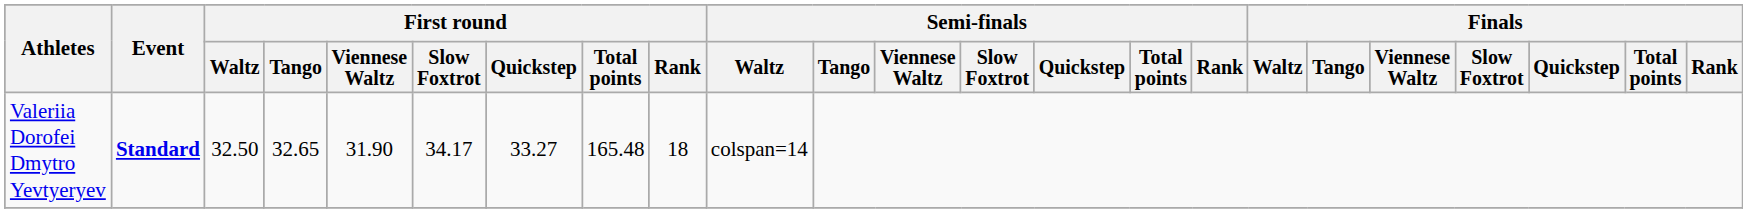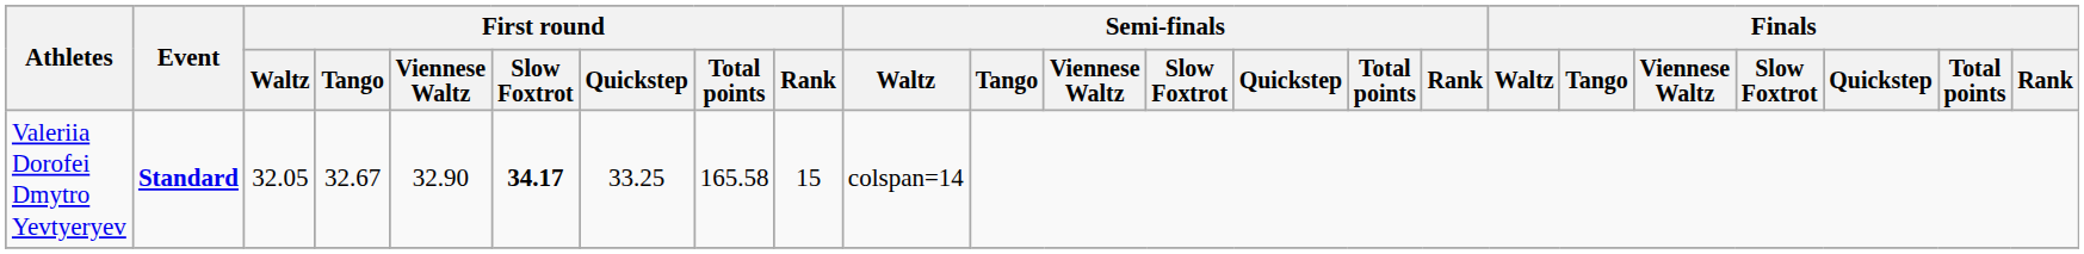 <table class=wikitable style="font-size:75%">
 <tr>
 <th rowspan="2">Athletes</th>
 <th rowspan="2">Event</th>
 <th colspan="7">First round</th>
 <th colspan="7">Semi-finals</th>
 <th colspan="7">Finals</th>
 </tr>
 <tr style="font-size:95%">
 <th>Waltz</th>
 <th>Tango</th>
 <th>Viennese Waltz</th>
 <th>Slow Foxtrot</th>
 <th>Quickstep</th>
 <th>Total points</th>
 <th>Rank</th>
 <th>Waltz</th>
 <th>Tango</th>
 <th>Viennese Waltz</th>
 <th>Slow Foxtrot</th>
 <th>Quickstep</th>
 <th>Total points</th>
 <th>Rank</th>
 <th>Waltz</th>
 <th>Tango</th>
 <th>Viennese Waltz</th>
 <th>Slow Foxtrot</th>
 <th>Quickstep</th>
 <th>Total points</th>
 <th>Rank</th>
 </tr>
 <tr align=center>
 <td align=left><a href='#'>Valeriia Dorofei</a><br><a href='#'>Dmytro Yevtyeryev</a></td>
 <td align=left><strong><a href='#'>Standard</a></strong></td>
-<td>32.50</td>
-<td>32.65</td>
-<td>31.90</td>
-<td>34.17</td>
-<td>33.27</td>
-<td>165.48</td>
-<td>18</td>
+<td>32.05</td>
+<td>32.67</td>
+<td>32.90</td>
+<td><strong>34.17</strong></td>
+<td>33.25</td>
+<td>165.58</td>
+<td>15</td>
 <td>colspan=14 </td>
 </tr>
 </table>
